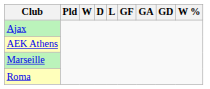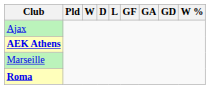 <table class="wikitable sortable" style="text-align:center">
 <tr>
 <th>Club</th>
 <th>Pld</th>
 <th>W</th>
 <th>D</th>
 <th>L</th>
 <th>GF</th>
 <th>GA</th>
 <th>GD</th>
 <th>W %</th>
 </tr>
 <tr bgcolor="#bbf3bb">
 <td style="text-align:left"> <a href='#'>Ajax</a><br></td>
 </tr>
 <tr bgcolor="#ffffbb">
-<td style="text-align:left"> <a href='#'>AEK Athens</a><br></td>
+<td style="text-align:left"><strong> <a href='#'>AEK Athens</a><br></strong></td>
 </tr>
 <tr bgcolor="#bbf3bb">
 <td style="text-align:left"> <a href='#'>Marseille</a><br></td>
 </tr>
 <tr bgcolor="#ffffbb">
-<td style="text-align:left"> <a href='#'>Roma</a><br></td>
+<td style="text-align:left"><strong> <a href='#'>Roma</a><br></strong></td>
 </tr>
 </table>
